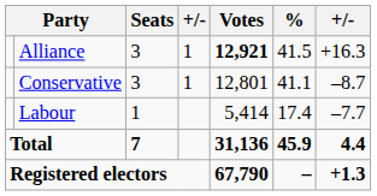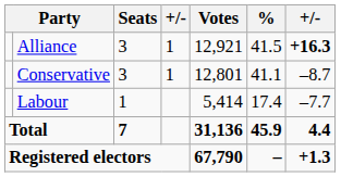 <table class="wikitable sortable">
 <tr>
 <th colspan="2">Party</th>
 <th>Seats</th>
 <th>+/-</th>
 <th>Votes</th>
 <th>%</th>
 <th>+/-</th>
 </tr>
 <tr>
 <td style="background-color: "></td>
 <td><a href='#'>Alliance</a></td>
 <td>3</td>
 <td> 1</td>
-<td style="text-align:right;"><strong>12,921</strong></td>
+<td style="text-align:right;">12,921</td>
 <td style="text-align:right;">41.5</td>
-<td style="text-align:right;">+16.3</td>
+<td style="text-align:right;"><strong>+16.3</strong></td>
 </tr>
 <tr>
 <td style="background-color: "></td>
 <td><a href='#'>Conservative</a></td>
 <td>3</td>
 <td> 1</td>
 <td style="text-align:right;">12,801</td>
 <td style="text-align:right;">41.1</td>
 <td style="text-align:right;">–8.7</td>
 </tr>
 <tr>
 <td style="background-color: "></td>
 <td><a href='#'>Labour</a></td>
 <td>1</td>
 <td></td>
 <td style="text-align:right;">5,414</td>
 <td style="text-align:right;">17.4</td>
 <td style="text-align:right;">–7.7</td>
 </tr>
 <tr>
 <td colspan="2"><strong>Total</strong></td>
 <td><strong>7</strong></td>
 <td></td>
 <td style="text-align:right;"><strong>31,136</strong></td>
 <td style="text-align:right;"><strong>45.9</strong></td>
 <td style="text-align:right;"><strong>4.4</strong></td>
 </tr>
 <tr>
 <td colspan="4"><strong>Registered electors</strong></td>
 <td style="text-align:right;"><strong>67,790</strong></td>
 <td style="text-align:right;"><strong>–</strong></td>
 <td style="text-align:right;"><strong>+1.3</strong></td>
 </tr>
 </table>
